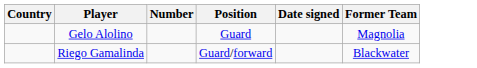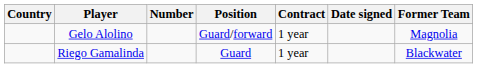 <table class="wikitable sortable sortable">
 <tr>
 <th>Country</th>
 <th>Player</th>
 <th>Number</th>
 <th>Position</th>
+<th>Contract</th>
 <th>Date signed</th>
 <th>Former Team</th>
 </tr>
 <tr>
 <td align=center></td>
 <td align=center><a href='#'>Gelo Alolino</a></td>
 <td align=center></td>
-<td align=center><a href='#'>Guard</a></td>
+<td align=center><a href='#'>Guard</a>/<a href='#'>forward</a></td>
+<td>1 year</td>
 <td></td>
 <td align=center><a href='#'>Magnolia</a></td>
 </tr>
 <tr>
 <td align=center></td>
 <td align=center><a href='#'>Riego Gamalinda</a></td>
 <td align=center></td>
-<td align=center><a href='#'>Guard</a>/<a href='#'>forward</a></td>
+<td align=center><a href='#'>Guard</a></td>
+<td>1 year</td>
 <td></td>
 <td align=center><a href='#'>Blackwater</a></td>
 </tr>
 </table>
